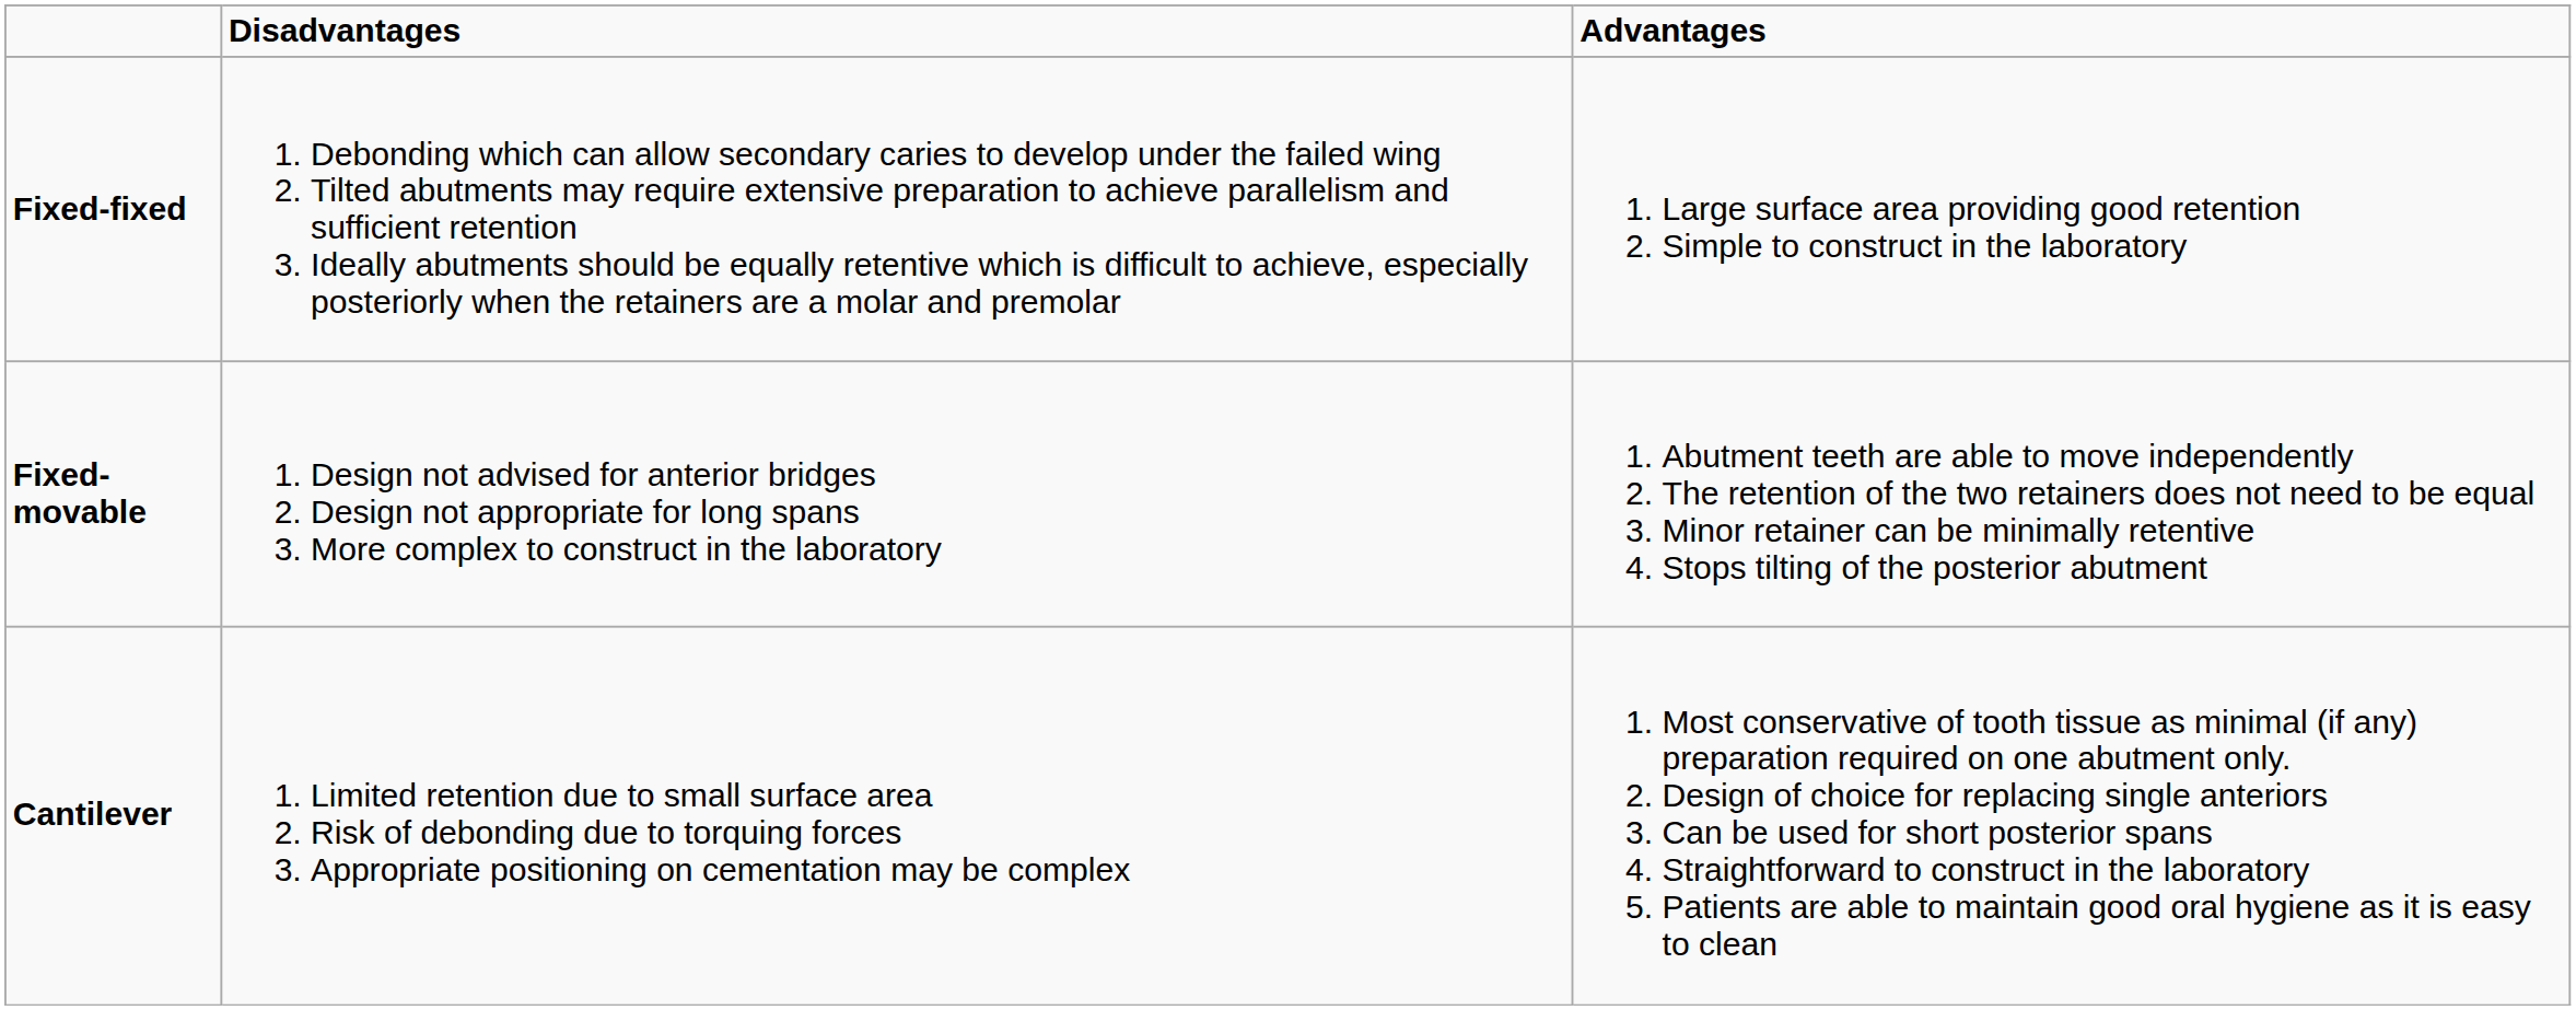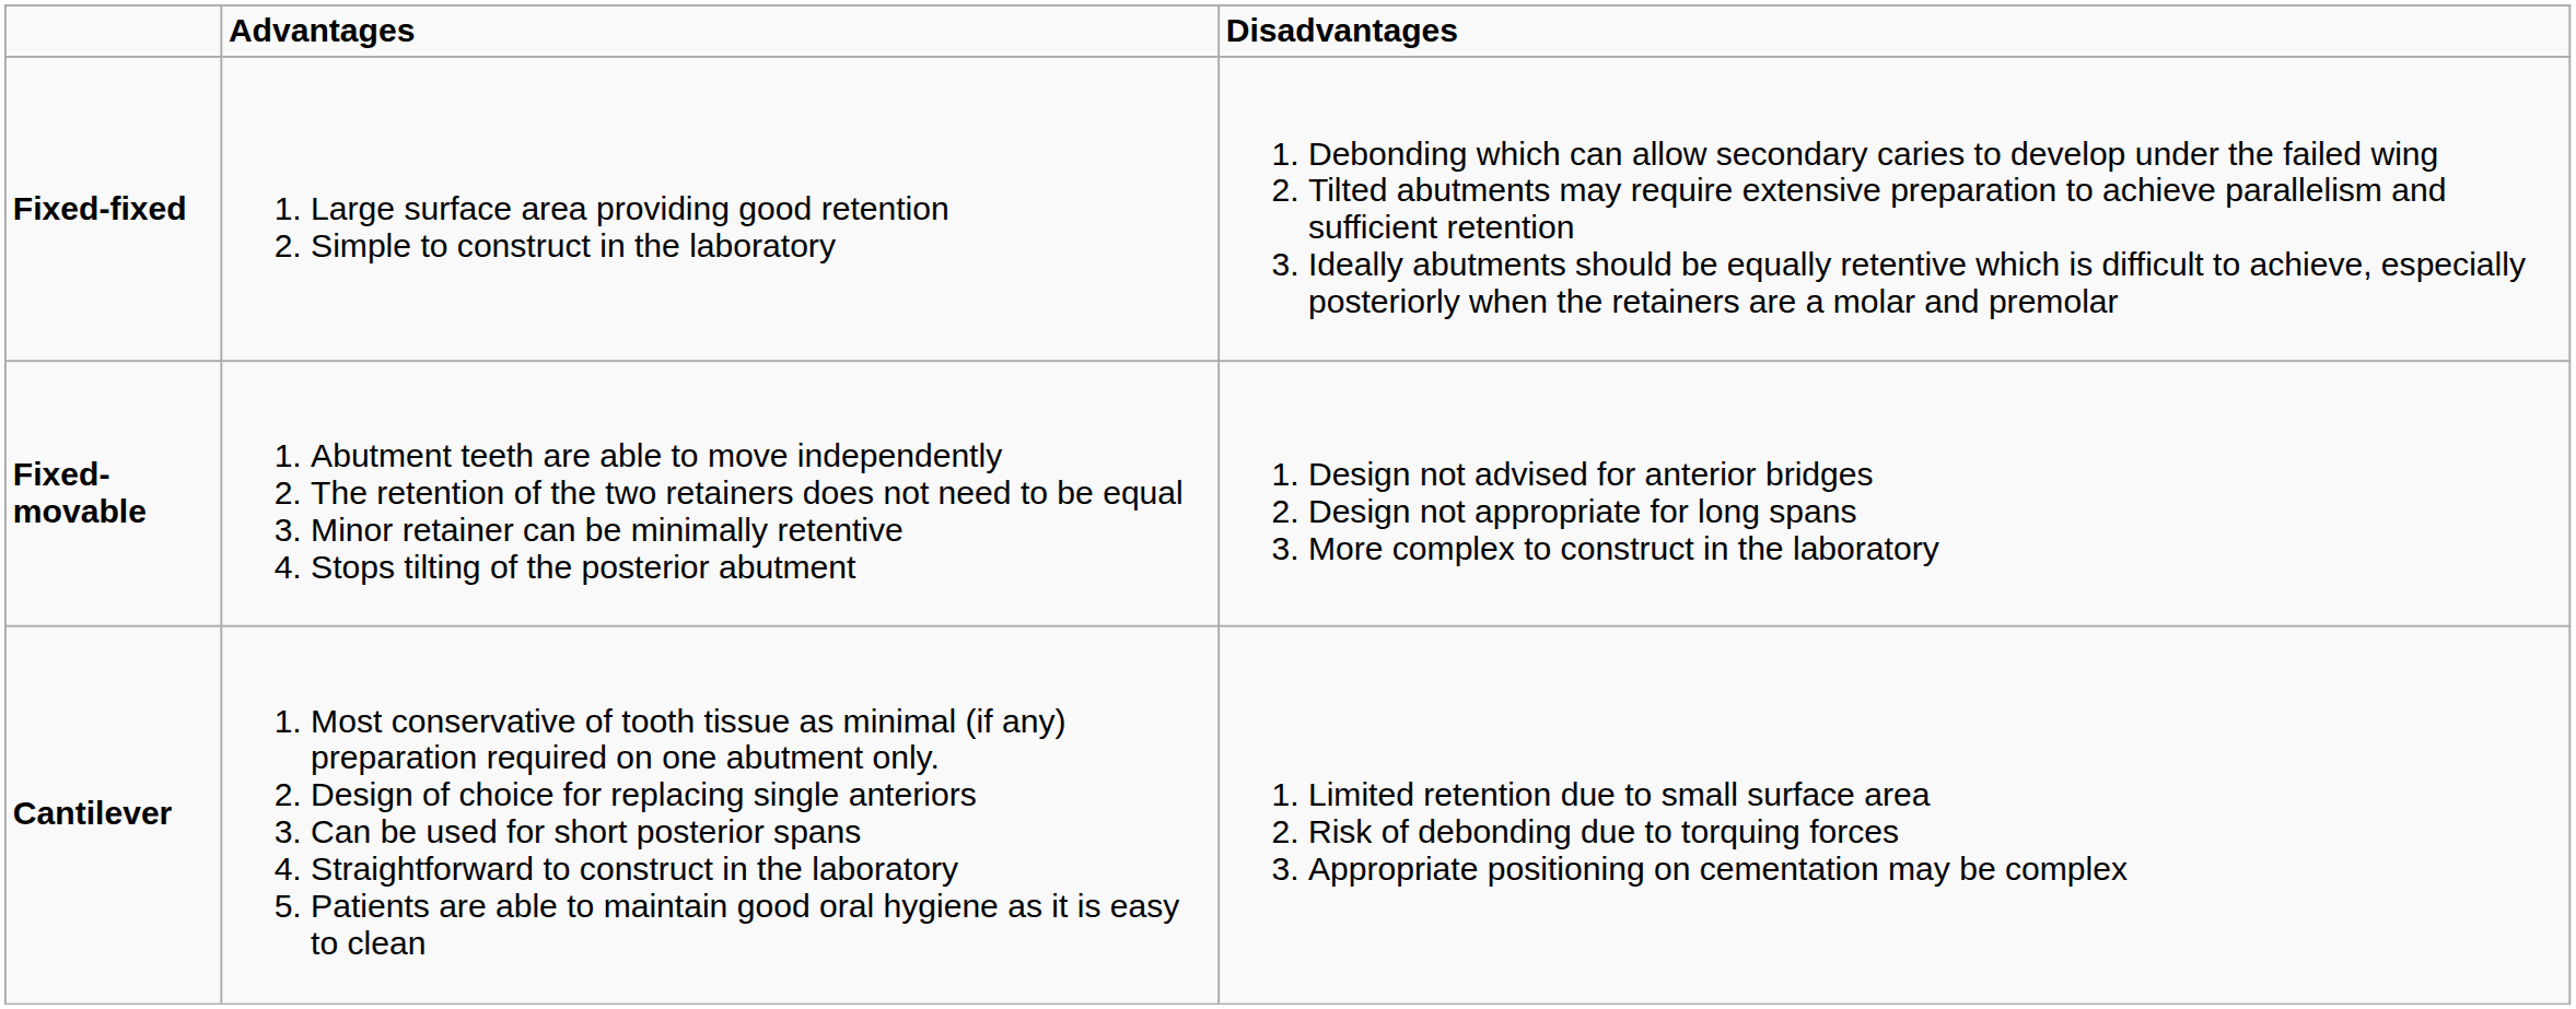 <table class="wikitable">
 <tr>
 <td></td>
+<td><strong>Advantages</strong></td>
 <td><strong>Disadvantages</strong></td>
-<td><strong>Advantages</strong></td>
 </tr>
 <tr>
 <td><strong>Fixed-fixed</strong></td>
+<td><br><ol><li>Large surface area providing good retention</li><li>Simple to construct in the laboratory</li></ol></td>
 <td><br><ol><li>Debonding which can allow secondary caries to develop under the failed wing</li><li>Tilted abutments may require extensive preparation to achieve parallelism and sufficient retention</li><li>Ideally abutments should be equally retentive which is difficult to achieve, especially posteriorly when the retainers are a molar and premolar</li></ol></td>
-<td><br><ol><li>Large surface area providing good retention</li><li>Simple to construct in the laboratory</li></ol></td>
 </tr>
 <tr>
 <td><strong>Fixed-movable</strong></td>
+<td><br><ol><li>Abutment teeth are able to move independently</li><li>The retention of the two retainers does not need to be equal</li><li>Minor retainer can be minimally retentive</li><li>Stops tilting of the posterior abutment</li></ol></td>
 <td><br><ol><li>Design not advised for anterior bridges</li><li>Design not appropriate for long spans</li><li>More complex to construct in the laboratory</li></ol></td>
-<td><br><ol><li>Abutment teeth are able to move independently</li><li>The retention of the two retainers does not need to be equal</li><li>Minor retainer can be minimally retentive</li><li>Stops tilting of the posterior abutment</li></ol></td>
 </tr>
 <tr>
 <td><strong>Cantilever</strong></td>
+<td><br><ol><li>Most conservative of tooth tissue as minimal (if any) preparation required on one abutment only.</li><li>Design of choice for replacing single anteriors</li><li>Can be used for short posterior spans</li><li>Straightforward to construct in the laboratory</li><li>Patients are able to maintain good oral hygiene as it is easy to clean</li></ol></td>
 <td><br><ol><li>Limited retention due to small surface area</li><li>Risk of debonding due to torquing forces</li><li>Appropriate positioning on cementation may be complex</li></ol></td>
-<td><br><ol><li>Most conservative of tooth tissue as minimal (if any) preparation required on one abutment only.</li><li>Design of choice for replacing single anteriors</li><li>Can be used for short posterior spans</li><li>Straightforward to construct in the laboratory</li><li>Patients are able to maintain good oral hygiene as it is easy to clean</li></ol></td>
 </tr>
 </table>
